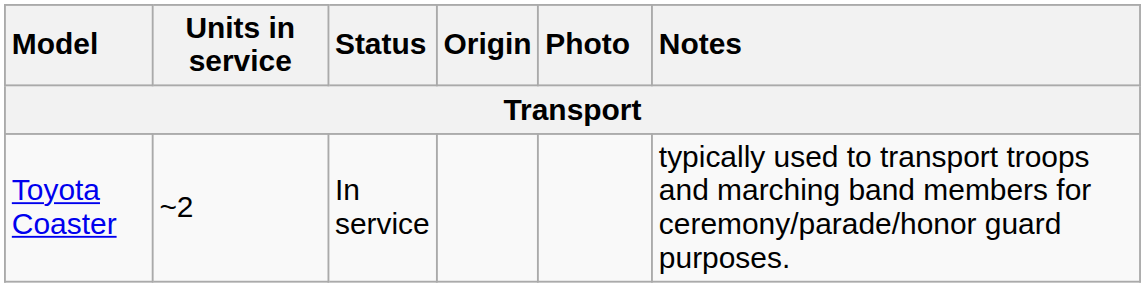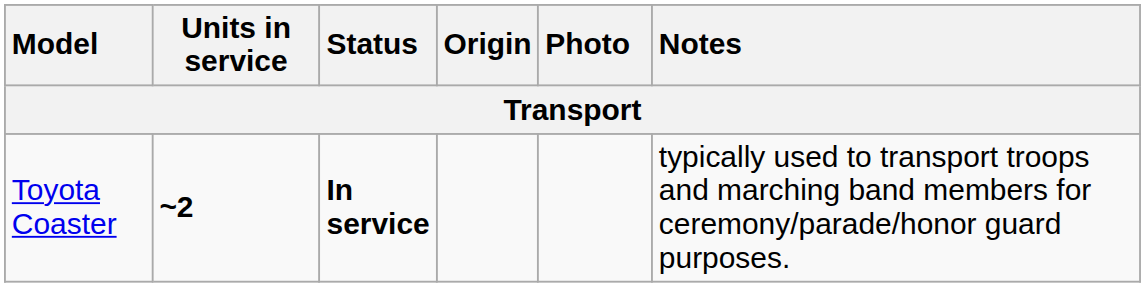 <table class="wikitable">
 <tr>
 <th style="text-align: left; width:13%;">Model</th>
 <th>Units in service</th>
 <th style="text-align: left; width:7%;">Status</th>
 <th style="text-align: left; width:7%;">Origin</th>
 <th style="text-align: left; width:10%; ">Photo</th>
 <th style="text-align: left; width:43%;">Notes</th>
 </tr>
 <tr>
 <th colspan="6">Transport</th>
 </tr>
 <tr>
 <td><a href='#'>Toyota Coaster</a></td>
-<td>~2</td>
-<td>In service</td>
+<td><strong>~2</strong></td>
+<td><strong>In service</strong></td>
 <td></td>
 <td></td>
 <td>typically used to transport troops and marching band members for ceremony/parade/honor guard purposes.</td>
 </tr>
 </table>
